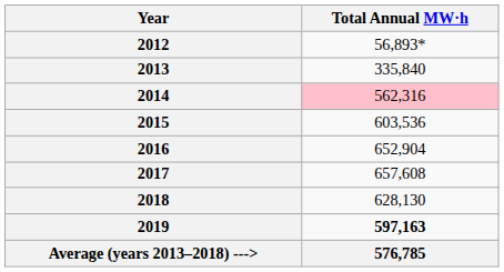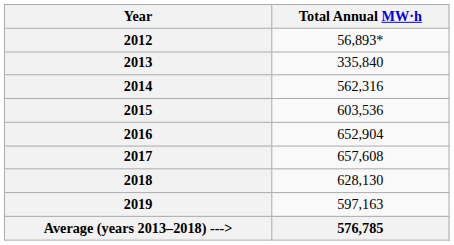 <table class=wikitable float=left style="text-align:center; font-size:0.9em; width:450px;">
 <tr>
 <th>Year</th>
 <th>Total Annual <a href='#'>MW·h</a></th>
 </tr>
 <tr>
 <th>2012</th>
 <td>56,893*</td>
 </tr>
 <tr>
 <th>2013</th>
 <td>335,840</td>
 </tr>
 <tr>
 <th>2014</th>
-<td style="background: pink;">562,316</td>
+<td>562,316</td>
 </tr>
 <tr>
 <th>2015</th>
 <td>603,536</td>
 </tr>
 <tr>
 <th>2016</th>
 <td>652,904</td>
 </tr>
 <tr>
 <th>2017</th>
 <td>657,608</td>
 </tr>
 <tr>
 <th>2018</th>
 <td>628,130</td>
 </tr>
 <tr>
 <th>2019</th>
-<td><strong>597,163</strong></td>
+<td>597,163</td>
 </tr>
 <tr>
 <th>Average (years 2013–2018) ---></th>
 <th>576,785</th>
 </tr>
 </table>
